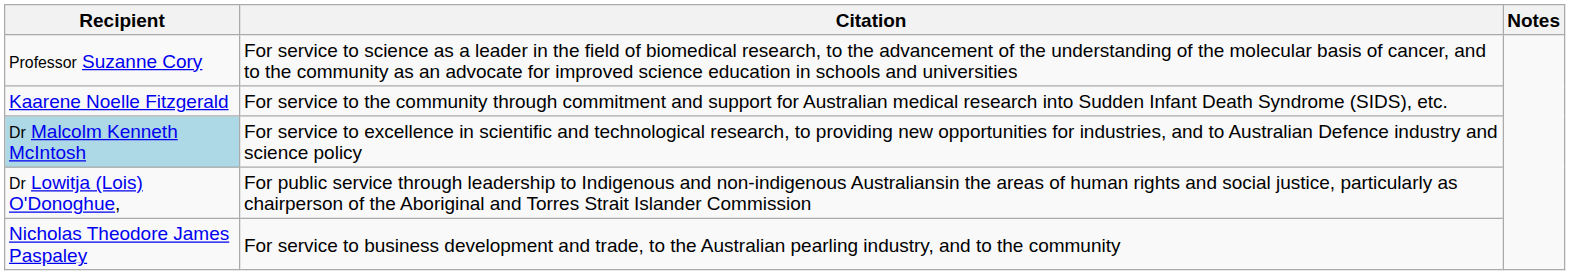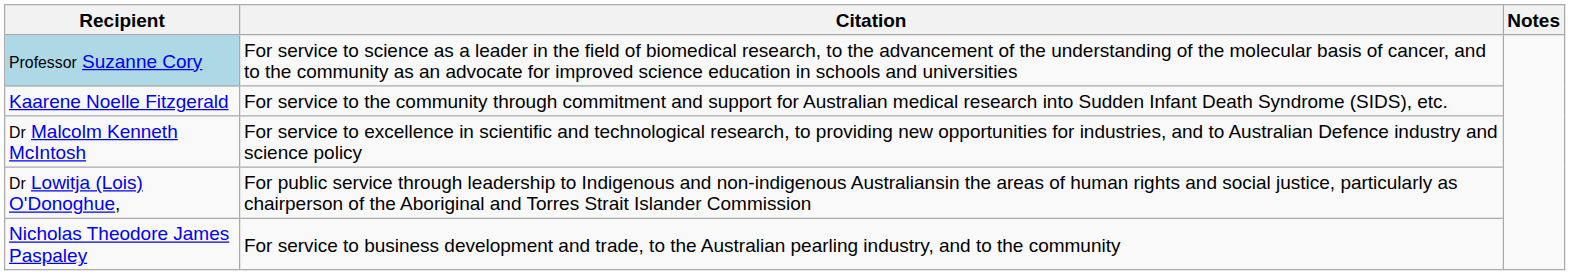 <table class="wikitable" style="font-size:95%;">
 <tr>
 <th>Recipient</th>
 <th>Citation</th>
 <th>Notes</th>
 </tr>
 <tr>
-<td><small>Professor</small> <a href='#'>Suzanne Cory</a></td>
+<td style="background: lightblue;"><small>Professor</small> <a href='#'>Suzanne Cory</a></td>
 <td>For service to science as a leader in the field of biomedical research, to the advancement of the understanding of the molecular basis of cancer, and to the community as an advocate for improved science education in schools and universities</td>
 <td rowspan="5"></td>
 </tr>
 <tr>
 <td><a href='#'>Kaarene Noelle Fitzgerald</a></td>
 <td>For service to the community through commitment and support for Australian medical research into Sudden Infant Death Syndrome (SIDS), etc.</td>
 </tr>
 <tr>
-<td style="background: lightblue;"><small>Dr</small> <a href='#'>Malcolm Kenneth McIntosh</a></td>
+<td><small>Dr</small> <a href='#'>Malcolm Kenneth McIntosh</a></td>
 <td>For service to excellence in scientific and technological research, to providing new opportunities for industries, and to Australian Defence industry and science policy</td>
 </tr>
 <tr>
 <td><small>Dr</small> <a href='#'>Lowitja (Lois) O'Donoghue</a>, </td>
 <td>For public service through leadership to Indigenous and non-indigenous Australiansin the areas of human rights and social justice, particularly as chairperson of the Aboriginal and Torres Strait Islander Commission</td>
 </tr>
 <tr>
 <td><a href='#'>Nicholas Theodore James Paspaley</a></td>
 <td>For service to business development and trade, to the Australian pearling industry, and to the community</td>
 </tr>
 </table>
